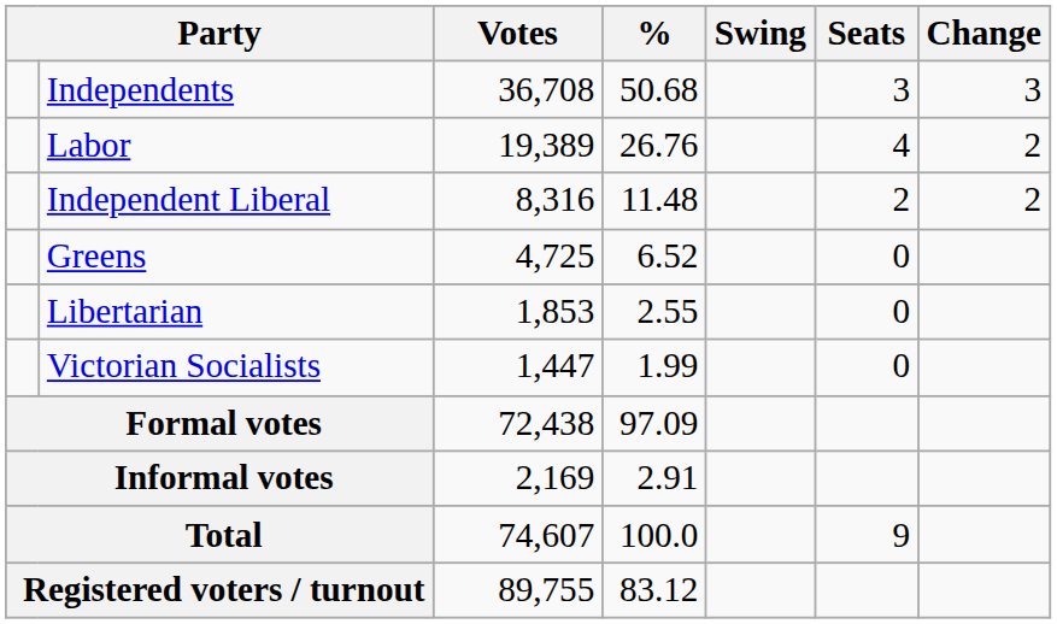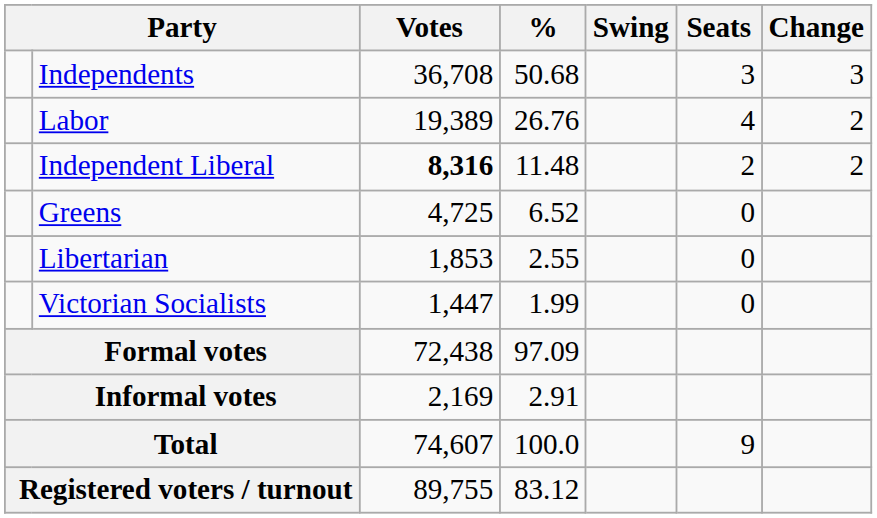 <table class="wikitable" style="text-align:right; margin-bottom:0">
 <tr>
 <th style="width:10px" colspan=3>Party</th>
 <th style="width:70px;">Votes</th>
 <th style="width:40px;">%</th>
 <th style="width:40px;">Swing</th>
 <th style="width:40px;">Seats</th>
 <th style="width:40px;">Change</th>
 </tr>
 <tr>
 <td> </td>
 <td style="text-align:left;" colspan="2"><a href='#'>Independents</a></td>
 <td>36,708</td>
 <td>50.68</td>
 <td></td>
 <td>3</td>
 <td> 3</td>
 </tr>
 <tr>
 <td> </td>
 <td style="text-align:left;" colspan="2"><a href='#'>Labor</a></td>
 <td>19,389</td>
 <td>26.76</td>
 <td></td>
 <td>4</td>
 <td> 2</td>
 </tr>
 <tr>
 <td> </td>
 <td colspan="2" style="text-align:left;"><a href='#'>Independent Liberal</a></td>
-<td>8,316</td>
+<td><strong>8,316</strong></td>
 <td>11.48</td>
 <td></td>
 <td>2</td>
 <td> 2</td>
 </tr>
 <tr>
 <td> </td>
 <td style="text-align:left;" colspan="2"><a href='#'>Greens</a></td>
 <td>4,725</td>
 <td>6.52</td>
 <td></td>
 <td>0</td>
 <td></td>
 </tr>
 <tr>
 <td> </td>
 <td style="text-align:left;" colspan="2"><a href='#'>Libertarian</a></td>
 <td>1,853</td>
 <td>2.55</td>
 <td></td>
 <td>0</td>
 <td></td>
 </tr>
 <tr>
 <td> </td>
 <td style="text-align:left;" colspan="2"><a href='#'>Victorian Socialists</a></td>
 <td>1,447</td>
 <td>1.99</td>
 <td></td>
 <td>0</td>
 <td></td>
 </tr>
 <tr>
 <th colspan="3" rowspan="1"> Formal votes</th>
 <td>72,438</td>
 <td>97.09</td>
 <td></td>
 <td></td>
 <td></td>
 </tr>
 <tr>
 <th colspan="3" rowspan="1"> Informal votes</th>
 <td>2,169</td>
 <td>2.91</td>
 <td></td>
 <td></td>
 <td></td>
 </tr>
 <tr>
 <th colspan="3" rowspan="1"> Total</th>
 <td>74,607</td>
 <td>100.0</td>
 <td></td>
 <td>9</td>
 <td></td>
 </tr>
 <tr>
 <th colspan="3" rowspan="1"> Registered voters / turnout</th>
 <td>89,755</td>
 <td>83.12</td>
 <td></td>
 <td></td>
 <td></td>
 </tr>
 </table>
